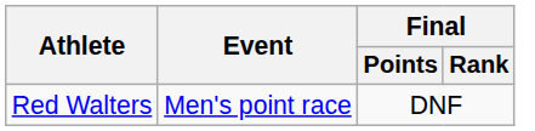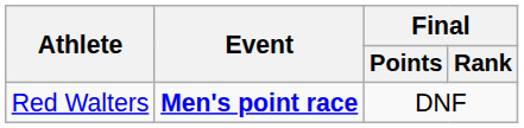 <table class="wikitable" style="font-size:90%;">
 <tr>
 <th rowspan=2>Athlete</th>
 <th rowspan=2>Event</th>
 <th colspan=2>Final</th>
 </tr>
 <tr style="font-size:95%">
 <th>Points</th>
 <th>Rank</th>
 </tr>
 <tr align=center>
 <td align=left><a href='#'>Red Walters</a></td>
-<td align=left rowspan=1><a href='#'>Men's point race</a></td>
+<td align=left rowspan=1><strong><a href='#'>Men's point race</a></strong></td>
 <td colspan=2>DNF</td>
 </tr>
 </table>
